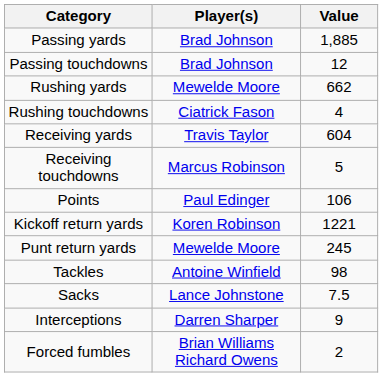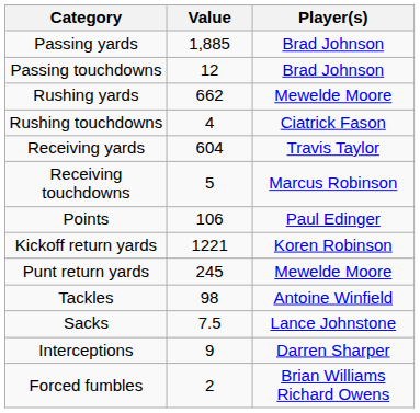 <table class="wikitable" style="text-align:center">
 <tr>
 <th width=150px>Category</th>
+<th width=75px>Value</th>
 <th width=150px>Player(s)</th>
-<th width=75px>Value</th>
 </tr>
 <tr>
 <td>Passing yards</td>
+<td>1,885</td>
 <td><a href='#'>Brad Johnson</a></td>
-<td>1,885</td>
 </tr>
 <tr>
 <td>Passing touchdowns</td>
+<td>12</td>
 <td><a href='#'>Brad Johnson</a></td>
-<td>12</td>
 </tr>
 <tr>
 <td>Rushing yards</td>
+<td>662</td>
 <td><a href='#'>Mewelde Moore</a></td>
-<td>662</td>
 </tr>
 <tr>
 <td>Rushing touchdowns</td>
+<td>4</td>
 <td><a href='#'>Ciatrick Fason</a></td>
-<td>4</td>
 </tr>
 <tr>
 <td>Receiving yards</td>
+<td>604</td>
 <td><a href='#'>Travis Taylor</a></td>
-<td>604</td>
 </tr>
 <tr>
 <td>Receiving touchdowns</td>
+<td>5</td>
 <td><a href='#'>Marcus Robinson</a></td>
-<td>5</td>
 </tr>
 <tr>
 <td>Points</td>
+<td>106</td>
 <td><a href='#'>Paul Edinger</a></td>
-<td>106</td>
 </tr>
 <tr>
 <td>Kickoff return yards</td>
+<td>1221</td>
 <td><a href='#'>Koren Robinson</a></td>
-<td>1221</td>
 </tr>
 <tr>
 <td>Punt return yards</td>
+<td>245</td>
 <td><a href='#'>Mewelde Moore</a></td>
-<td>245</td>
 </tr>
 <tr>
 <td>Tackles</td>
+<td>98</td>
 <td><a href='#'>Antoine Winfield</a></td>
-<td>98</td>
 </tr>
 <tr>
 <td>Sacks</td>
+<td>7.5</td>
 <td><a href='#'>Lance Johnstone</a></td>
-<td>7.5</td>
 </tr>
 <tr>
 <td>Interceptions</td>
+<td>9</td>
 <td><a href='#'>Darren Sharper</a></td>
-<td>9</td>
 </tr>
 <tr>
 <td>Forced fumbles</td>
+<td>2</td>
 <td><a href='#'>Brian Williams</a> <br> <a href='#'>Richard Owens</a></td>
-<td>2</td>
 </tr>
 </table>
